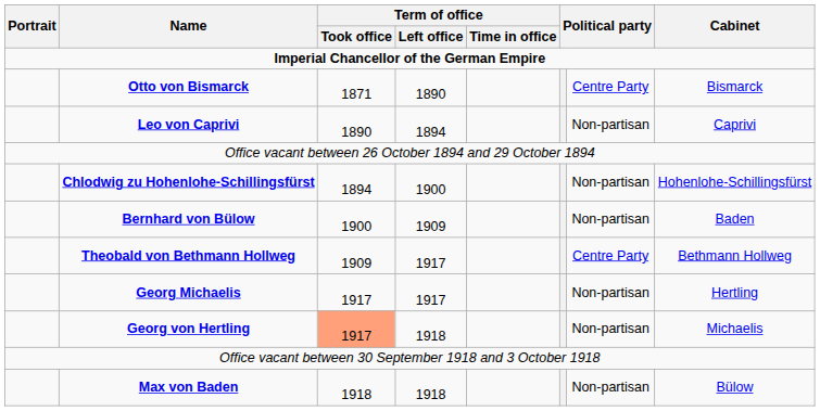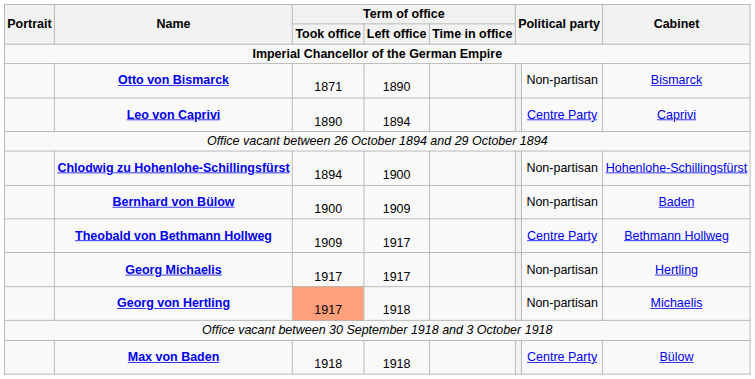 <table class="wikitable" style="text-align:center">
 <tr>
 <th rowspan=2 scope="col" class=unsortable>Portrait</th>
 <th rowspan=2>Name<br></th>
 <th colspan=3>Term of office</th>
 <th colspan=2 rowspan=2>Political party</th>
 <th rowspan=2>Cabinet</th>
 </tr>
 <tr>
 <th>Took office</th>
 <th>Left office</th>
 <th>Time in office</th>
 </tr>
 <tr>
 <td colspan="8"><strong>Imperial Chancellor of the German Empire</strong></td>
 </tr>
 <tr>
 <td></td>
 <td><strong><a href='#'>Otto von Bismarck</a></strong><br></td>
 <td><br>1871</td>
 <td><br>1890</td>
 <td><small></small></td>
 <th style="background:"></th>
-<td><a href='#'>Centre Party</a></td>
+<td>Non-partisan</td>
 <td><a href='#'>Bismarck</a></td>
 </tr>
 <tr>
 <td></td>
 <td><strong><a href='#'>Leo von Caprivi</a></strong><br></td>
 <td><br>1890</td>
 <td><br>1894</td>
 <td><small></small></td>
 <th style="background:"></th>
-<td>Non-partisan</td>
+<td><a href='#'>Centre Party</a></td>
 <td><a href='#'>Caprivi</a></td>
 </tr>
 <tr>
 <td colspan="8"><em>Office vacant between 26 October 1894 and 29 October 1894</em></td>
 </tr>
 <tr>
 <td></td>
 <td><strong><a href='#'>Chlodwig zu Hohenlohe-Schillingsfürst</a></strong><br></td>
 <td><br>1894</td>
 <td><br>1900</td>
 <td><small></small></td>
 <th style="background:"></th>
 <td>Non-partisan</td>
 <td><a href='#'>Hohenlohe-Schillingsfürst</a></td>
 </tr>
 <tr>
 <td></td>
 <td><strong><a href='#'>Bernhard von Bülow</a></strong><br></td>
 <td><br>1900</td>
 <td><br>1909</td>
 <td><small></small></td>
 <th style="background:"></th>
 <td>Non-partisan</td>
 <td><a href='#'>Baden</a></td>
 </tr>
 <tr>
 <td></td>
 <td><strong><a href='#'>Theobald von Bethmann Hollweg</a></strong><br></td>
 <td><br>1909</td>
 <td><br>1917</td>
 <td><small></small></td>
 <th style="background:"></th>
 <td><a href='#'>Centre Party</a></td>
 <td><a href='#'>Bethmann Hollweg</a></td>
 </tr>
 <tr>
 <td></td>
 <td><strong><a href='#'>Georg Michaelis</a></strong><br></td>
 <td><br>1917</td>
 <td><br>1917</td>
 <td><small></small></td>
 <th style="background:"></th>
 <td>Non-partisan</td>
 <td><a href='#'>Hertling</a></td>
 </tr>
 <tr>
 <td></td>
 <td><strong><a href='#'>Georg von Hertling</a></strong><br></td>
 <td style="background: lightsalmon;"><br>1917</td>
 <td><br>1918</td>
 <td><small></small></td>
 <th style="background:"></th>
 <td>Non-partisan</td>
 <td><a href='#'>Michaelis</a></td>
 </tr>
 <tr>
 <td colspan="8"><em>Office vacant between 30 September 1918 and 3 October 1918</em></td>
 </tr>
 <tr>
 <td></td>
 <td><strong><a href='#'>Max von Baden</a></strong><br></td>
 <td><br>1918</td>
 <td><br>1918</td>
 <td><small></small></td>
 <th style="background:"></th>
-<td>Non-partisan</td>
+<td><a href='#'>Centre Party</a></td>
 <td><a href='#'>Bülow</a></td>
 </tr>
 </table>
